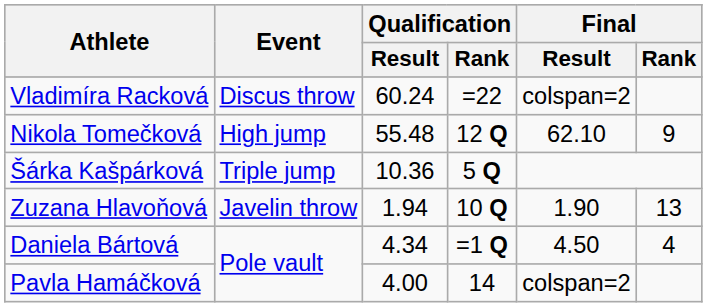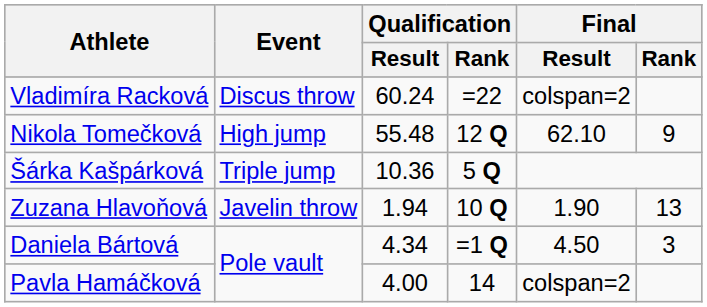 <table class=wikitable style=font-size:90%;text-align:center>
 <tr>
 <th rowspan=2>Athlete</th>
 <th rowspan=2>Event</th>
 <th colspan=2>Qualification</th>
 <th colspan=2>Final</th>
 </tr>
 <tr style=font-size:95%>
 <th>Result</th>
 <th>Rank</th>
 <th>Result</th>
 <th>Rank</th>
 </tr>
 <tr>
 <td align=left><a href='#'>Vladimíra Racková</a></td>
 <td align=left><a href='#'>Discus throw</a></td>
 <td>60.24</td>
 <td>=22</td>
 <td>colspan=2 </td>
 </tr>
 <tr>
 <td align=left><a href='#'>Nikola Tomečková</a></td>
 <td align=left><a href='#'>High jump</a></td>
 <td>55.48</td>
 <td>12 <strong>Q</strong></td>
 <td>62.10</td>
 <td>9</td>
 </tr>
 <tr>
 <td align=left><a href='#'>Šárka Kašpárková</a></td>
 <td align=left><a href='#'>Triple jump</a></td>
 <td>10.36</td>
 <td>5 <strong>Q</strong></td>
 <td colspan=2></td>
 </tr>
 <tr>
 <td align=left><a href='#'>Zuzana Hlavoňová</a></td>
 <td align=left><a href='#'>Javelin throw</a></td>
 <td>1.94</td>
 <td>10 <strong>Q</strong></td>
 <td>1.90</td>
 <td>13</td>
 </tr>
 <tr>
 <td align=left><a href='#'>Daniela Bártová</a></td>
 <td align=left rowspan=2><a href='#'>Pole vault</a></td>
 <td>4.34</td>
 <td>=1 <strong>Q</strong></td>
 <td>4.50</td>
-<td>4</td>
+<td>3</td>
 </tr>
 <tr>
 <td align=left><a href='#'>Pavla Hamáčková</a></td>
 <td>4.00</td>
 <td>14</td>
 <td>colspan=2 </td>
 </tr>
 </table>
